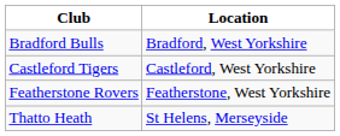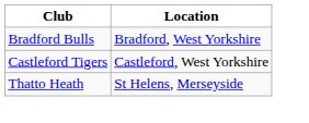 <table class="wikitable">
 <tr>
 <th style="background:white;">Club</th>
 <th style="background:white;">Location</th>
 </tr>
 <tr>
 <td> <a href='#'>Bradford Bulls</a></td>
 <td><a href='#'>Bradford</a>, <a href='#'>West Yorkshire</a></td>
 </tr>
 <tr>
 <td> <a href='#'>Castleford Tigers</a></td>
 <td><a href='#'>Castleford</a>, West Yorkshire</td>
 </tr>
 <tr>
-<td> <a href='#'>Featherstone Rovers</a></td>
-<td><a href='#'>Featherstone</a>, West Yorkshire</td>
-</tr>
-<tr>
 <td> <a href='#'>Thatto Heath</a></td>
 <td><a href='#'>St Helens</a>, <a href='#'>Merseyside</a></td>
 </tr>
 </table>
